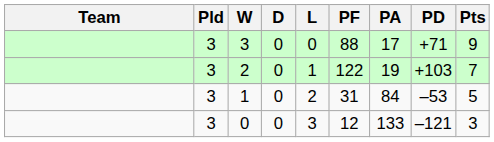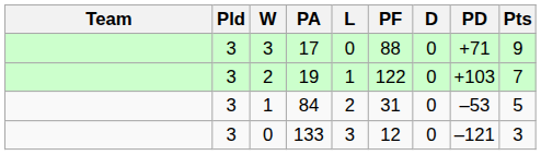 <table class="wikitable" style="text-align:center;">
 <tr>
 <th width=175>Team</th>
 <th width=25 abbr="Played">Pld</th>
 <th width=25 abbr="Won">W</th>
-<th width=25 abbr="Drawn">D</th>
+<th width=32 abbr="Points against">PA</th>
 <th width=25 abbr="Lost">L</th>
 <th width=32 abbr="Points for">PF</th>
-<th width=32 abbr="Points against">PA</th>
+<th width=25 abbr="Drawn">D</th>
 <th width=32 abbr="Points difference">PD</th>
 <th width=25 abbr="Points">Pts</th>
 </tr>
 <tr bgcolor=ccffcc>
 <td align=left></td>
 <td>3</td>
 <td>3</td>
-<td>0</td>
+<td>17</td>
 <td>0</td>
 <td>88</td>
-<td>17</td>
+<td>0</td>
 <td>+71</td>
 <td>9</td>
 </tr>
 <tr bgcolor=ccffcc>
 <td align=left></td>
 <td>3</td>
 <td>2</td>
-<td>0</td>
+<td>19</td>
 <td>1</td>
 <td>122</td>
-<td>19</td>
+<td>0</td>
 <td>+103</td>
 <td>7</td>
 </tr>
 <tr>
 <td align=left></td>
 <td>3</td>
 <td>1</td>
-<td>0</td>
+<td>84</td>
 <td>2</td>
 <td>31</td>
-<td>84</td>
+<td>0</td>
 <td>–53</td>
 <td>5</td>
 </tr>
 <tr>
 <td align=left></td>
 <td>3</td>
 <td>0</td>
-<td>0</td>
+<td>133</td>
 <td>3</td>
 <td>12</td>
-<td>133</td>
+<td>0</td>
 <td>–121</td>
 <td>3</td>
 </tr>
 </table>
